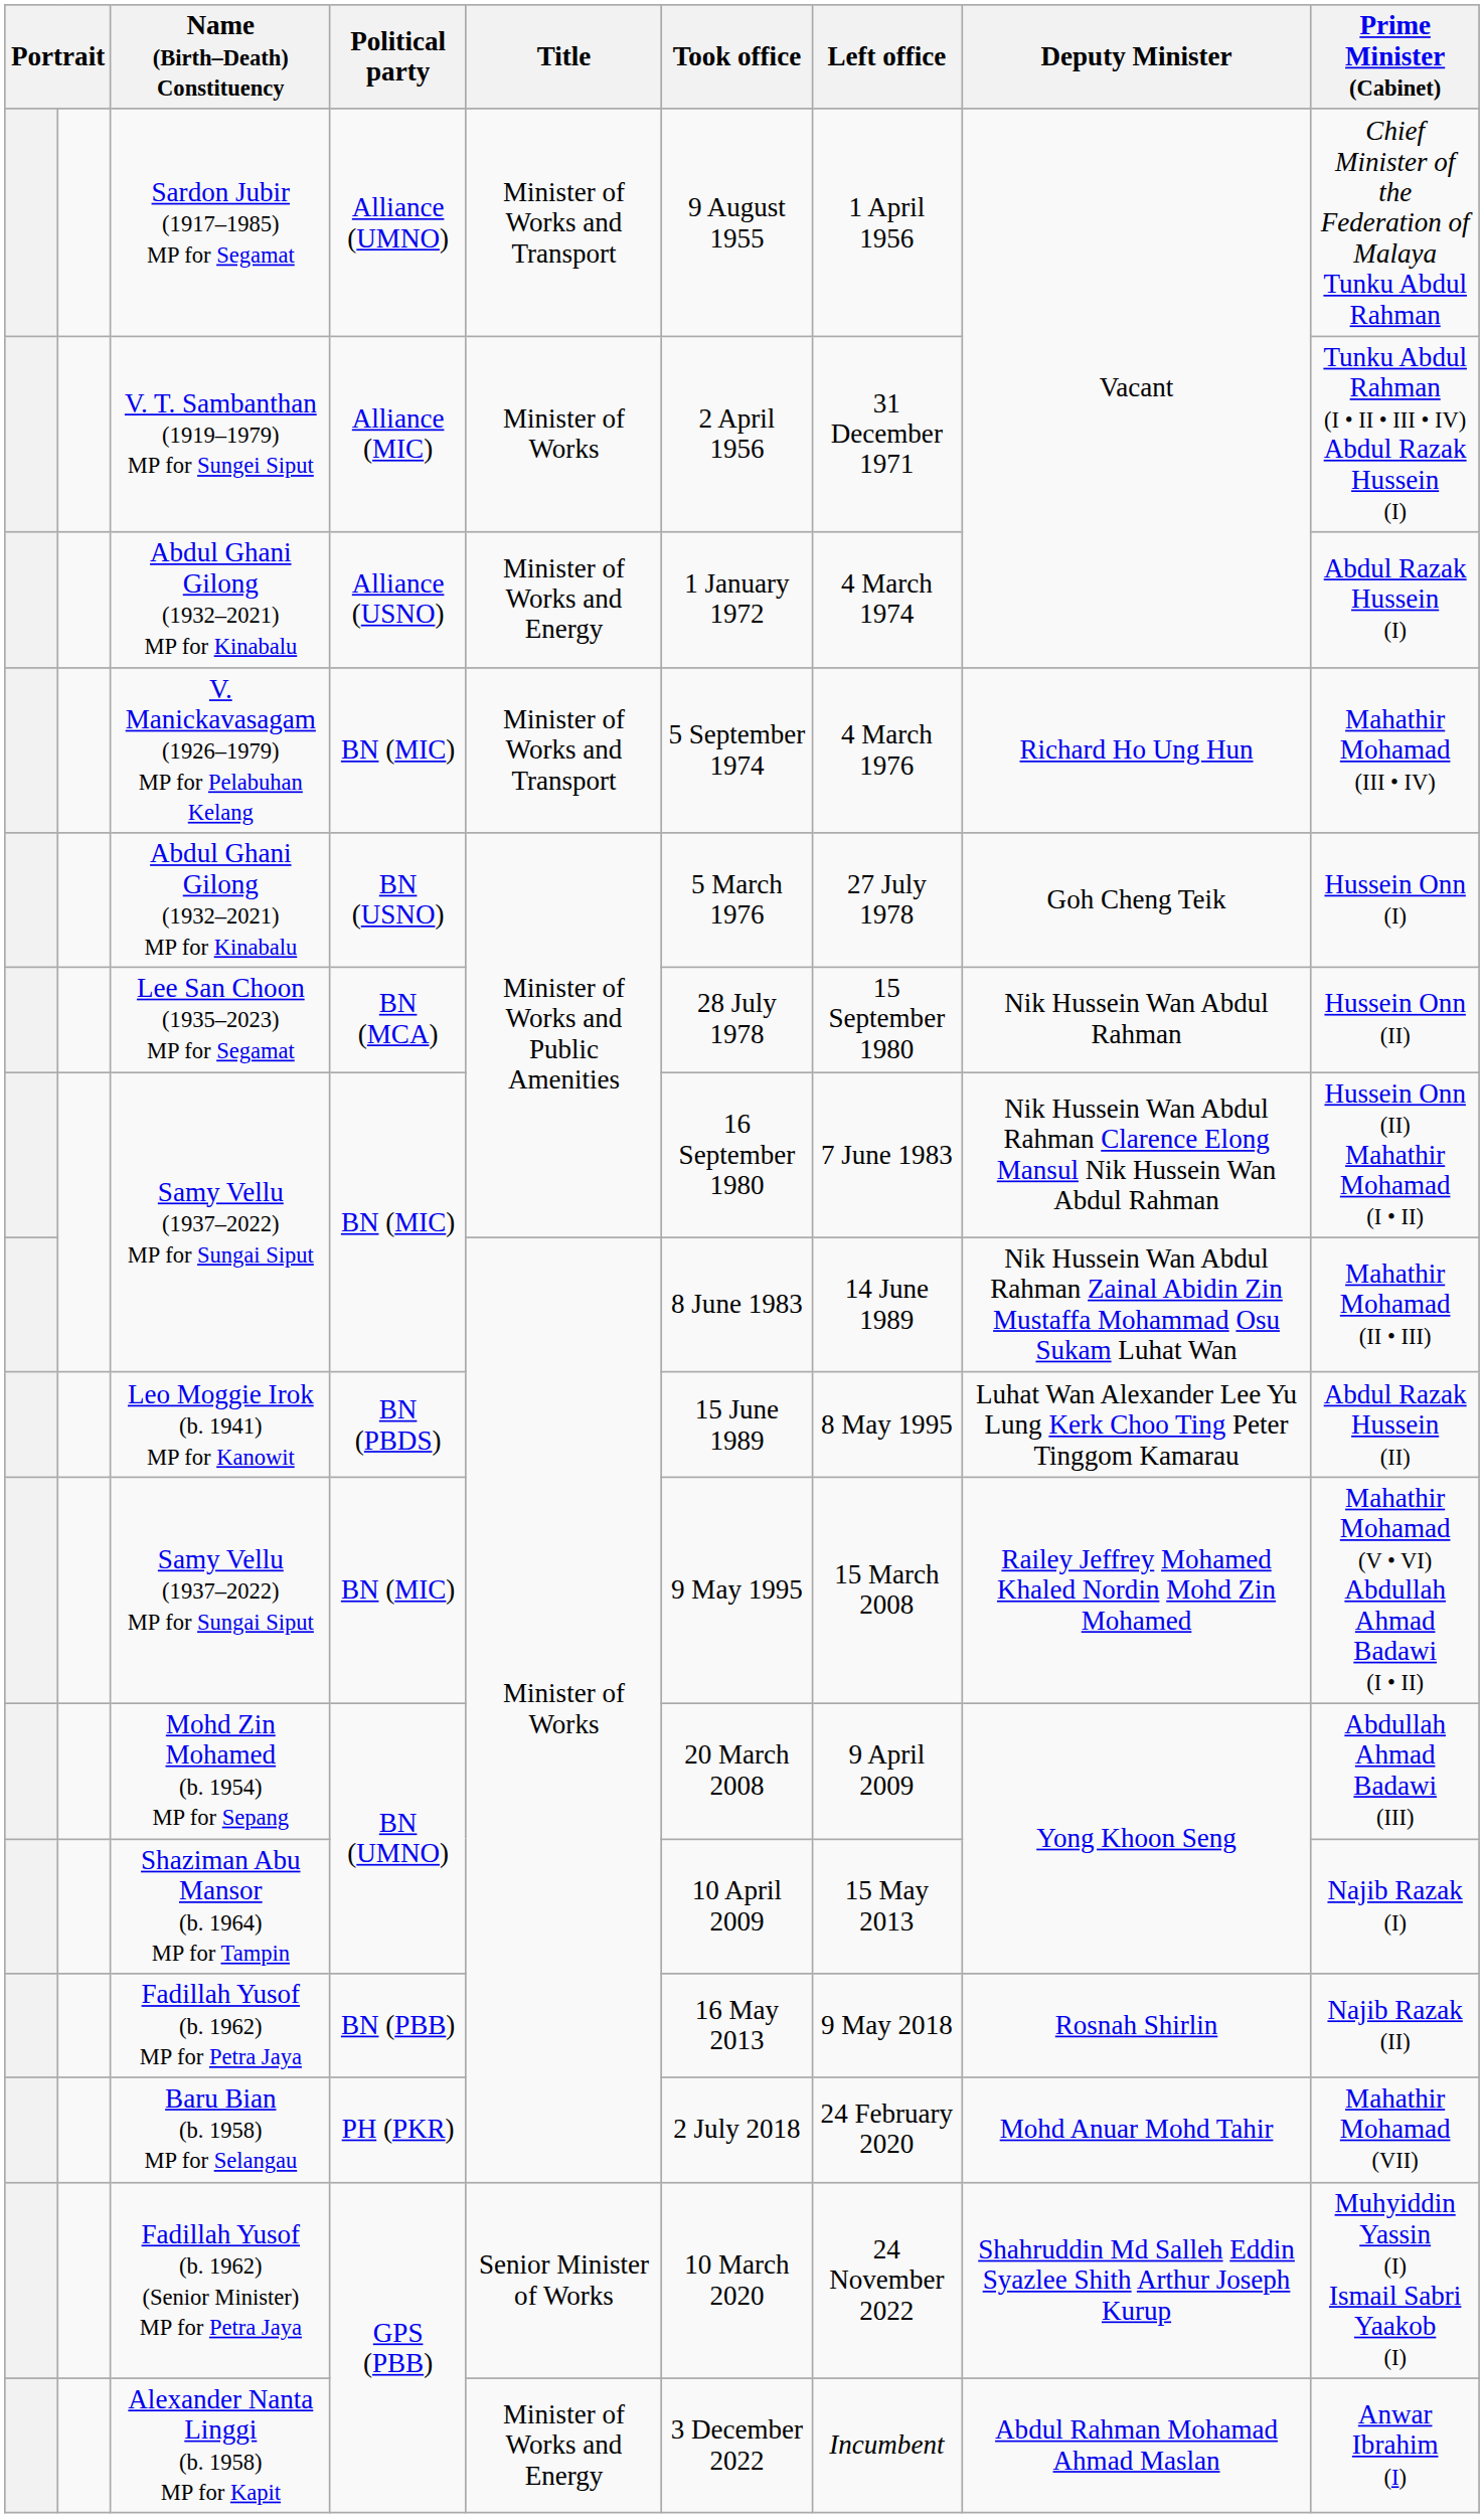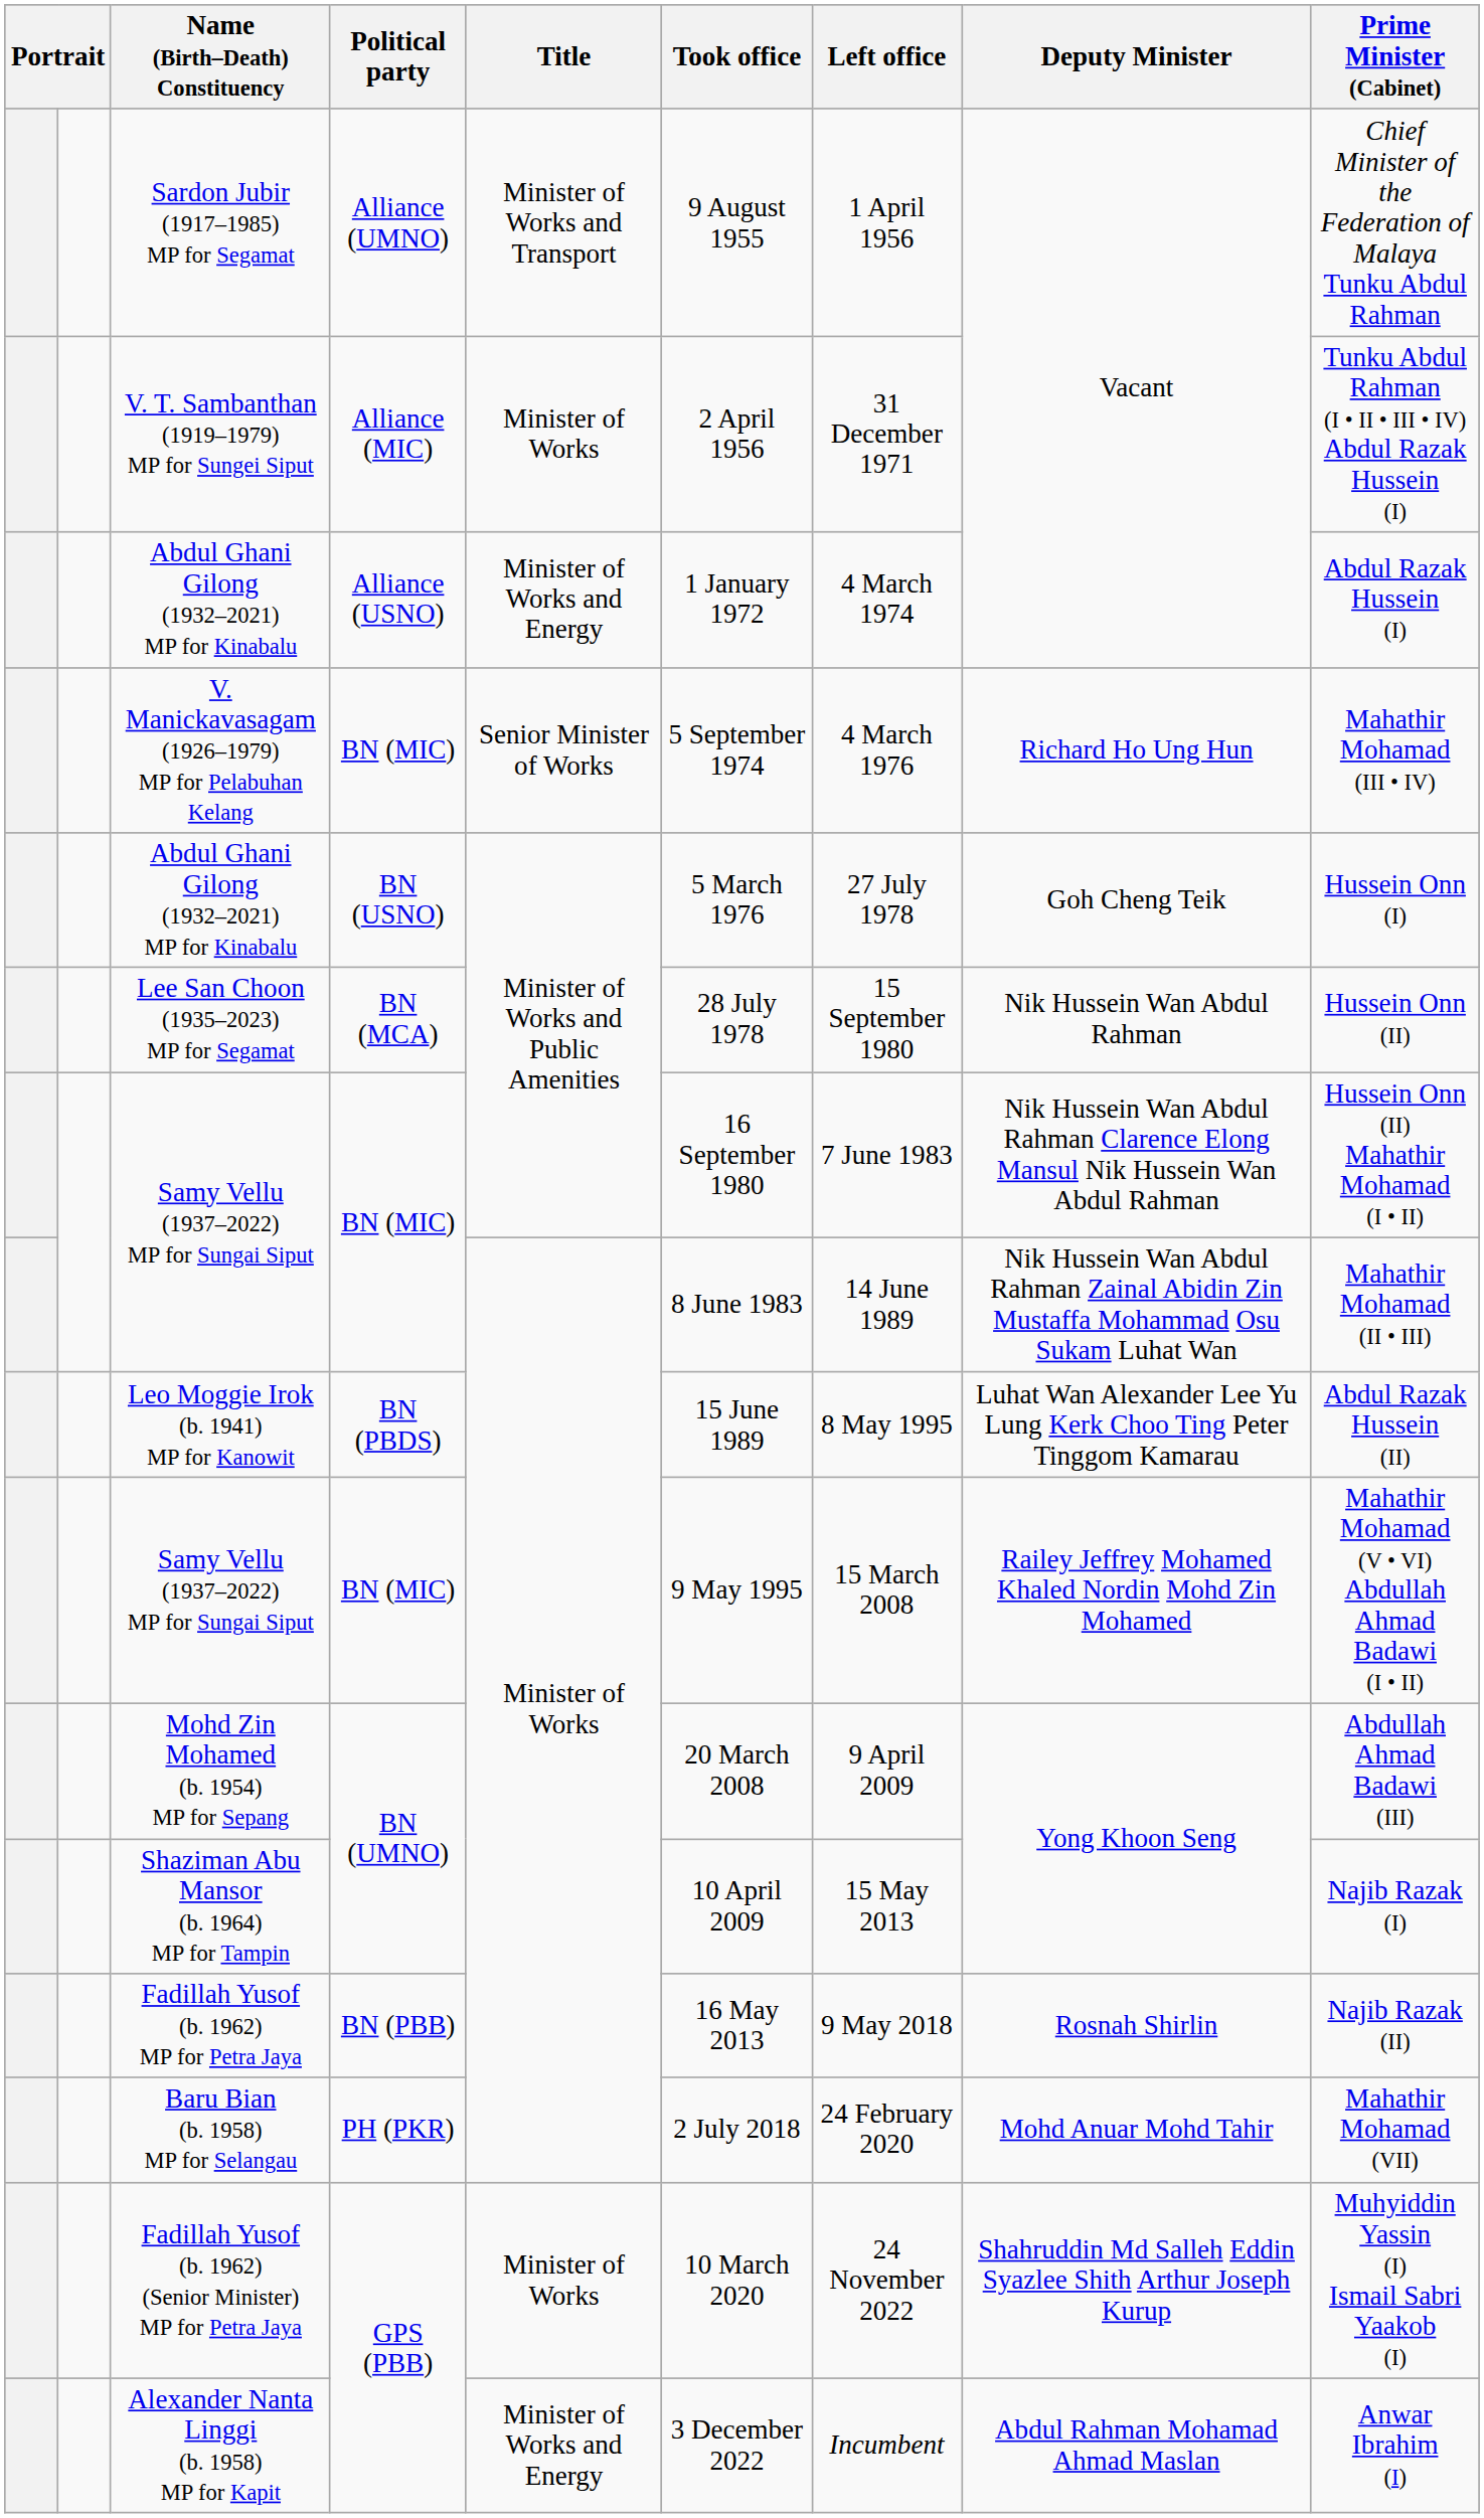 <table class="wikitable" style="text-align:center;">
 <tr>
 <th colspan=2>Portrait</th>
 <th>Name<br><small>(Birth–Death)<br>Constituency</small></th>
 <th>Political party</th>
 <th>Title</th>
 <th>Took office</th>
 <th>Left office</th>
 <th>Deputy Minister</th>
 <th><a href='#'>Prime Minister</a><br><small>(Cabinet)</small></th>
 </tr>
 <tr>
 <th style="background:"></th>
 <td></td>
 <td><a href='#'>Sardon Jubir</a><br><small>(1917–1985)<br>MP for <a href='#'>Segamat</a><br></small></td>
 <td><a href='#'>Alliance</a> (<a href='#'>UMNO</a>)</td>
 <td>Minister of Works and Transport</td>
 <td>9 August 1955</td>
 <td>1 April 1956</td>
 <td rowspan="3">Vacant</td>
 <td><em>Chief Minister of the<br> Federation of Malaya</em><br><a href='#'>Tunku Abdul Rahman</a></td>
 </tr>
 <tr>
 <th style="background:"></th>
 <td></td>
 <td><a href='#'>V. T. Sambanthan</a><br><small>(1919–1979)<br>MP for <a href='#'>Sungei Siput</a></small></td>
 <td><a href='#'>Alliance</a> (<a href='#'>MIC</a>)</td>
 <td>Minister of Works</td>
 <td>2 April 1956</td>
 <td>31 December 1971</td>
 <td><a href='#'>Tunku Abdul Rahman</a><br><small>(I • II • III • IV)</small><br><a href='#'>Abdul Razak Hussein</a><br><small>(I)</small></td>
 </tr>
 <tr>
 <th style="background:"></th>
 <td></td>
 <td><a href='#'>Abdul Ghani Gilong</a><br><small>(1932–2021)<br>MP for <a href='#'>Kinabalu</a></small></td>
 <td><a href='#'>Alliance</a> (<a href='#'>USNO</a>)</td>
 <td>Minister of Works and Energy</td>
 <td>1 January 1972</td>
 <td>4 March 1974</td>
 <td><a href='#'>Abdul Razak Hussein</a><br><small>(I)</small></td>
 </tr>
 <tr>
 <th style="background:"></th>
 <td></td>
 <td><a href='#'>V. Manickavasagam</a><br><small>(1926–1979)<br>MP for <a href='#'>Pelabuhan Kelang</a></small></td>
 <td><a href='#'>BN</a> (<a href='#'>MIC</a>)</td>
-<td>Minister of Works and Transport</td>
+<td>Senior Minister of Works</td>
 <td>5 September 1974</td>
 <td>4 March 1976</td>
 <td><a href='#'>Richard Ho Ung Hun</a></td>
 <td><a href='#'>Mahathir Mohamad</a><br><small>(III • IV)</small></td>
 </tr>
 <tr>
 <th style="background:"></th>
 <td></td>
 <td><a href='#'>Abdul Ghani Gilong</a><br><small>(1932–2021)<br>MP for <a href='#'>Kinabalu</a></small></td>
 <td><a href='#'>BN</a> (<a href='#'>USNO</a>)</td>
 <td rowspan=3>Minister of Works and Public Amenities</td>
 <td>5 March 1976</td>
 <td>27 July 1978</td>
 <td>Goh Cheng Teik</td>
 <td><a href='#'>Hussein Onn</a><br><small>(I)</small></td>
 </tr>
 <tr>
 <th style="background:"></th>
 <td></td>
 <td><a href='#'>Lee San Choon</a><br><small>(1935–2023)<br>MP for <a href='#'>Segamat</a></small></td>
 <td><a href='#'>BN</a> (<a href='#'>MCA</a>)</td>
 <td>28 July 1978</td>
 <td>15 September 1980</td>
 <td>Nik Hussein Wan Abdul Rahman</td>
 <td><a href='#'>Hussein Onn</a><br><small>(II)</small></td>
 </tr>
 <tr>
 <th style="background:"></th>
 <td rowspan=2></td>
 <td rowspan=2><a href='#'>Samy Vellu</a><br><small>(1937–2022)<br>MP for <a href='#'>Sungai Siput</a></small></td>
 <td rowspan=2><a href='#'>BN</a> (<a href='#'>MIC</a>)</td>
 <td>16 September 1980</td>
 <td>7 June 1983</td>
 <td>Nik Hussein Wan Abdul Rahman <a href='#'>Clarence Elong Mansul</a>  Nik Hussein Wan Abdul Rahman </td>
 <td><a href='#'>Hussein Onn</a><br><small>(II)</small><br><a href='#'>Mahathir Mohamad</a><br><small>(I • II)</small></td>
 </tr>
 <tr>
 <th style="background:"></th>
 <td rowspan=7>Minister of Works</td>
 <td>8 June 1983</td>
 <td>14 June 1989</td>
 <td>Nik Hussein Wan Abdul Rahman  <a href='#'>Zainal Abidin Zin</a>  <a href='#'>Mustaffa Mohammad</a>  <a href='#'>Osu Sukam</a>  Luhat Wan </td>
 <td><a href='#'>Mahathir Mohamad</a><br><small>(II • III)</small></td>
 </tr>
 <tr>
 <th style="background:"></th>
 <td></td>
 <td><a href='#'>Leo Moggie Irok</a><br><small>(b. 1941)<br>MP for <a href='#'>Kanowit</a></small></td>
 <td><a href='#'>BN</a> (<a href='#'>PBDS</a>)</td>
 <td>15 June 1989</td>
 <td>8 May 1995</td>
 <td>Luhat Wan  Alexander Lee Yu Lung  <a href='#'>Kerk Choo Ting</a>  Peter Tinggom Kamarau </td>
 <td><a href='#'>Abdul Razak Hussein</a><br><small>(II)</small></td>
 </tr>
 <tr>
 <th style="background:"></th>
 <td></td>
 <td><a href='#'>Samy Vellu</a><br><small>(1937–2022)<br>MP for <a href='#'>Sungai Siput</a></small></td>
 <td><a href='#'>BN</a> (<a href='#'>MIC</a>)</td>
 <td>9 May 1995</td>
 <td>15 March 2008</td>
 <td><a href='#'>Railey Jeffrey</a>  <a href='#'>Mohamed Khaled Nordin</a>  <a href='#'>Mohd Zin Mohamed</a> </td>
 <td><a href='#'>Mahathir Mohamad</a><br><small>(V • VI)</small><br><a href='#'>Abdullah Ahmad Badawi</a><br><small>(I • II)</small></td>
 </tr>
 <tr>
 <th style="background:"></th>
 <td></td>
 <td><a href='#'>Mohd Zin Mohamed</a><br><small>(b. 1954)<br>MP for <a href='#'>Sepang</a></small></td>
 <td rowspan=2><a href='#'>BN</a> (<a href='#'>UMNO</a>)</td>
 <td>20 March 2008</td>
 <td>9 April 2009</td>
 <td rowspan="2"><a href='#'>Yong Khoon Seng</a></td>
 <td><a href='#'>Abdullah Ahmad Badawi</a><br><small>(III)</small></td>
 </tr>
 <tr>
 <th style="background:"></th>
 <td></td>
 <td><a href='#'>Shaziman Abu Mansor</a><br><small>(b. 1964)<br>MP for <a href='#'>Tampin</a></small></td>
 <td>10 April 2009</td>
 <td>15 May 2013</td>
 <td><a href='#'>Najib Razak</a><br><small>(I)</small></td>
 </tr>
 <tr>
 <th style="background:"></th>
 <td></td>
 <td><a href='#'>Fadillah Yusof</a><br><small>(b. 1962)<br>MP for <a href='#'>Petra Jaya</a></small></td>
 <td><a href='#'>BN</a> (<a href='#'>PBB</a>)</td>
 <td>16 May 2013</td>
 <td>9 May 2018</td>
 <td><a href='#'>Rosnah Shirlin</a></td>
 <td><a href='#'>Najib Razak</a><br><small>(II)</small></td>
 </tr>
 <tr>
 <th style="background:"></th>
 <td></td>
 <td><a href='#'>Baru Bian</a><br><small>(b. 1958)<br>MP for <a href='#'>Selangau</a></small></td>
 <td><a href='#'>PH</a> (<a href='#'>PKR</a>)</td>
 <td>2 July 2018</td>
 <td>24 February 2020</td>
 <td><a href='#'>Mohd Anuar Mohd Tahir</a></td>
 <td><a href='#'>Mahathir Mohamad</a><br><small>(VII)</small></td>
 </tr>
 <tr>
 <th style="background:"></th>
 <td></td>
 <td><a href='#'>Fadillah Yusof</a><br><small>(b. 1962)<br>(Senior Minister)<br>MP for <a href='#'>Petra Jaya</a></small></td>
 <td rowspan=2><a href='#'>GPS</a> (<a href='#'>PBB</a>)</td>
-<td>Senior Minister of Works</td>
+<td>Minister of Works</td>
 <td>10 March 2020</td>
 <td>24 November 2022</td>
 <td><a href='#'>Shahruddin Md Salleh</a>  <a href='#'>Eddin Syazlee Shith</a>  <a href='#'>Arthur Joseph Kurup</a> </td>
 <td><a href='#'>Muhyiddin Yassin</a><br><small>(I)</small><br><a href='#'>Ismail Sabri Yaakob</a><br><small>(I)</small></td>
 </tr>
 <tr>
 <th style="background:"></th>
 <td></td>
 <td><a href='#'>Alexander Nanta Linggi</a><br><small>(b. 1958)<br>MP for <a href='#'>Kapit</a></small></td>
 <td>Minister of Works and Energy</td>
 <td>3 December 2022</td>
 <td><em>Incumbent</em></td>
 <td><a href='#'>Abdul Rahman Mohamad</a>  <a href='#'>Ahmad Maslan</a> </td>
 <td><a href='#'>Anwar Ibrahim</a><br><small>(<a href='#'>I</a>)</small></td>
 </tr>
 </table>
